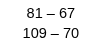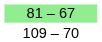 <table style="text-align:center;">
 <tr>
 <th width=200></th>
 <th width=100></th>
 <th width=200></th>
 <th></th>
 </tr>
 <tr>
 <td align=right><strong></strong></td>
-<td>81 – 67</td>
+<td style="background: lightgreen;">81 – 67</td>
 <td align=left></td>
 </tr>
 <tr>
 <td align=right><strong></strong></td>
 <td>109 – 70</td>
 <td align=left></td>
 </tr>
 </table>
